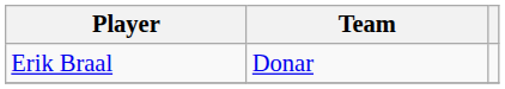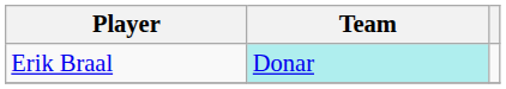 <table class="wikitable">
 <tr>
 <th width=150>Player</th>
 <th width=150>Team</th>
 <th></th>
 </tr>
 <tr>
 <td> <a href='#'>Erik Braal</a></td>
-<td><a href='#'>Donar</a></td>
+<td style="background: paleturquoise;"><a href='#'>Donar</a></td>
 <td></td>
 </tr>
 <tr>
 </tr>
 </table>
